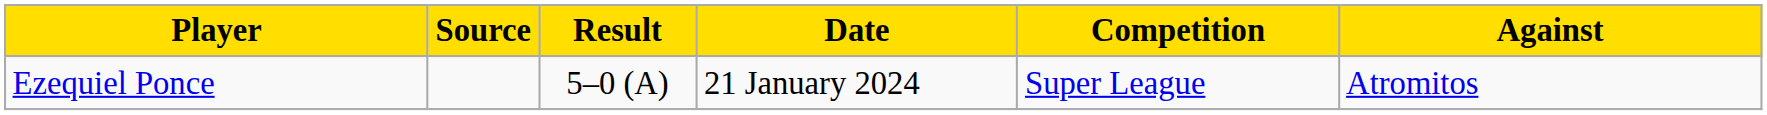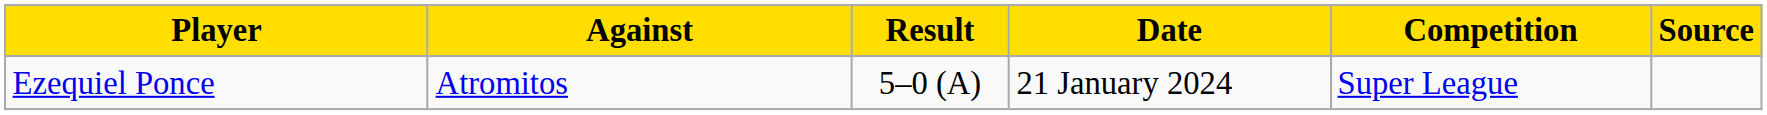 <table class="wikitable">
 <tr>
 <th width=200 style="background:#FFDE00">Player</th>
-<th style="background:#FFDE00">Source</th>
+<th width=200 style="background:#FFDE00">Against</th>
 <th width=70 style="background:#FFDE00">Result</th>
 <th width=150 style="background:#FFDE00">Date</th>
 <th width=150 style="background:#FFDE00">Competition</th>
-<th width=200 style="background:#FFDE00">Against</th>
+<th style="background:#FFDE00">Source</th>
 </tr>
 <tr>
 <td> <a href='#'>Ezequiel Ponce</a></td>
-<td align=center></td>
+<td> <a href='#'>Atromitos</a></td>
 <td align=center>5–0 (A)</td>
 <td>21 January 2024</td>
 <td><a href='#'>Super League</a></td>
-<td> <a href='#'>Atromitos</a></td>
+<td align=center></td>
 </tr>
 </table>
